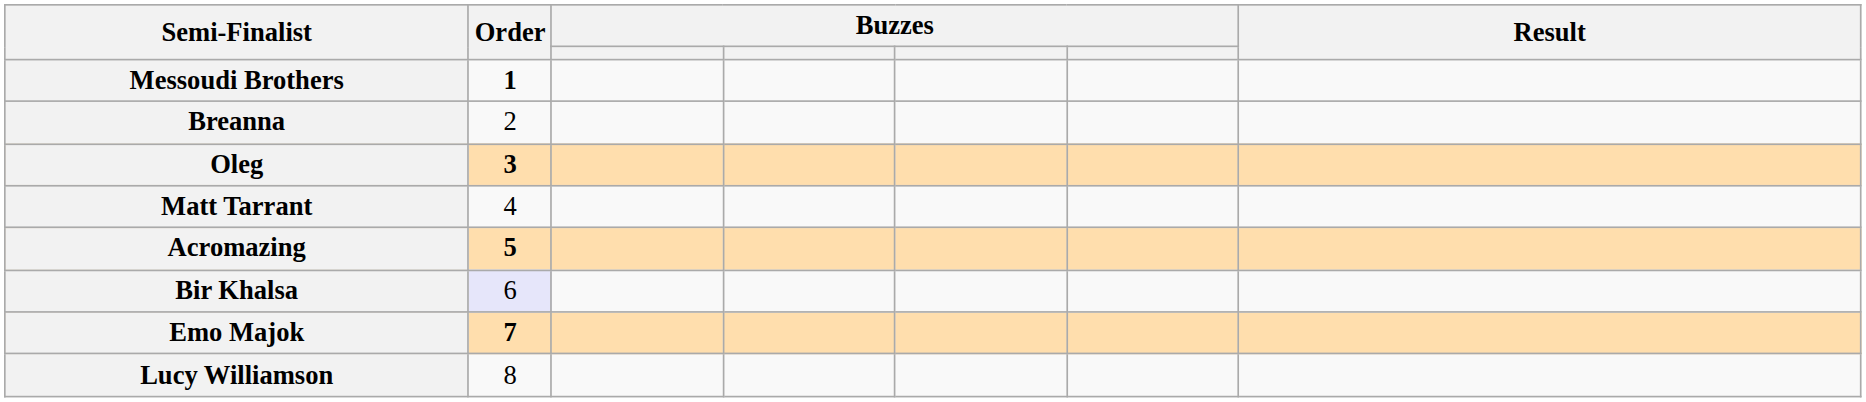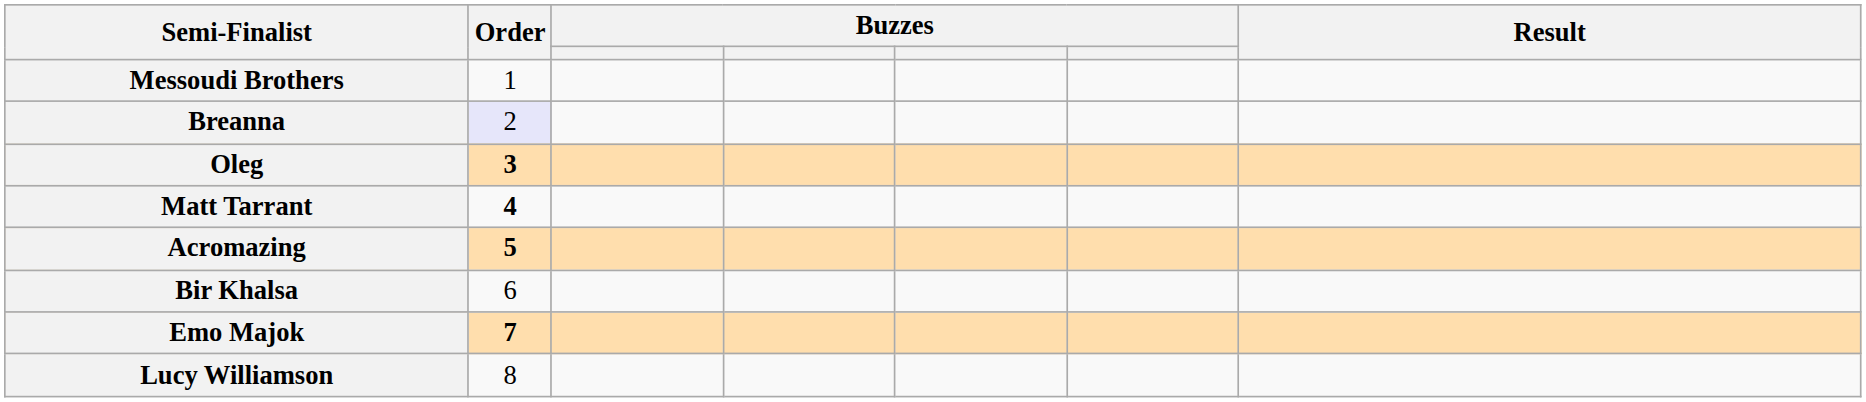 <table class="wikitable plainrowheaders sortable" style="text-align:center;">
 <tr>
 <th scope="col" rowspan="2" class="unsortable" style="width:17em;">Semi-Finalist</th>
 <th scope="col" rowspan="2" style="width:1em;">Order</th>
 <th scope="col" colspan="4" class="unsortable" style="width:24em;">Buzzes</th>
 <th scope="col" rowspan="2" style="width:23em;">Result</th>
 </tr>
 <tr>
 <th scope="col" class="unsortable" style="width:6em;"></th>
 <th scope="col" class="unsortable" style="width:6em;"></th>
 <th scope="col" class="unsortable" style="width:6em;"></th>
 <th scope="col" class="unsortable" style="width:6em;"></th>
 </tr>
 <tr>
 <th scope="row">Messoudi Brothers</th>
-<td><strong>1</strong></td>
+<td>1</td>
 <td style="text-align:center;"></td>
 <td style="text-align:center;"></td>
 <td style="text-align:center;"></td>
 <td style="text-align:center;"></td>
 <td></td>
 </tr>
 <tr>
 <th scope="row">Breanna</th>
-<td>2</td>
+<td style="background: lavender;">2</td>
 <td style="text-align:center;"></td>
 <td style="text-align:center;"></td>
 <td style="text-align:center;"></td>
 <td style="text-align:center;"></td>
 <td></td>
 </tr>
 <tr style="background:NavajoWhite;">
 <th scope="row"><strong>Oleg</strong></th>
 <td><strong>3</strong></td>
 <td style="text-align:center;"></td>
 <td style="text-align:center;"></td>
 <td style="text-align:center;"></td>
 <td style="text-align:center;"></td>
 <td><strong></strong></td>
 </tr>
 <tr>
 <th scope="row">Matt Tarrant</th>
-<td>4</td>
+<td><strong>4</strong></td>
 <td style="text-align:center;"></td>
 <td style="text-align:center;"></td>
 <td style="text-align:center;"></td>
 <td style="text-align:center;"></td>
 <td></td>
 </tr>
 <tr style="background:NavajoWhite;">
 <th scope="row"><strong>Acromazing</strong></th>
 <td><strong>5</strong></td>
 <td style="text-align:center;"></td>
 <td style="text-align:center;"></td>
 <td style="text-align:center;"></td>
 <td style="text-align:center;"></td>
 <td><strong></strong></td>
 </tr>
 <tr>
 <th scope="row">Bir Khalsa</th>
-<td style="background: lavender;">6</td>
+<td>6</td>
 <td style="text-align:center;"></td>
 <td style="text-align:center;"></td>
 <td style="text-align:center;"></td>
 <td style="text-align:center;"></td>
 <td></td>
 </tr>
 <tr style="background:NavajoWhite;">
 <th scope="row"><strong>Emo Majok</strong></th>
 <td><strong>7</strong></td>
 <td style="text-align:center;"></td>
 <td style="text-align:center;"></td>
 <td style="text-align:center;"></td>
 <td style="text-align:center;"></td>
 <td><strong></strong></td>
 </tr>
 <tr>
 <th scope="row">Lucy Williamson</th>
 <td>8</td>
 <td style="text-align:center;"></td>
 <td style="text-align:center;"></td>
 <td style="text-align:center;"></td>
 <td style="text-align:center;"></td>
 <td></td>
 </tr>
 </table>
